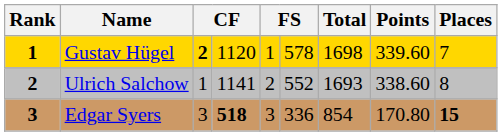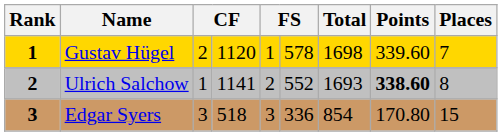 <table class="wikitable">
 <tr>
 <th>Rank</th>
 <th>Name</th>
 <th colspan=2>CF</th>
 <th colspan=2>FS</th>
 <th>Total</th>
 <th>Points</th>
 <th>Places</th>
 </tr>
 <tr bgcolor=gold>
 <td align=center><strong>1</strong></td>
 <td> <a href='#'>Gustav Hügel</a></td>
-<td><strong>2</strong></td>
+<td>2</td>
 <td>1120</td>
 <td>1</td>
 <td>578</td>
 <td>1698</td>
 <td>339.60</td>
 <td>7</td>
 </tr>
 <tr bgcolor=silver>
 <td align=center><strong>2</strong></td>
 <td> <a href='#'>Ulrich Salchow</a></td>
 <td>1</td>
 <td>1141</td>
 <td>2</td>
 <td>552</td>
 <td>1693</td>
-<td>338.60</td>
+<td><strong>338.60</strong></td>
 <td>8</td>
 </tr>
 <tr bgcolor=cc9966>
 <td align=center><strong>3</strong></td>
 <td> <a href='#'>Edgar Syers</a></td>
 <td>3</td>
-<td><strong>518</strong></td>
+<td>518</td>
 <td>3</td>
 <td>336</td>
 <td>854</td>
 <td>170.80</td>
-<td><strong>15</strong></td>
+<td>15</td>
 </tr>
 </table>
